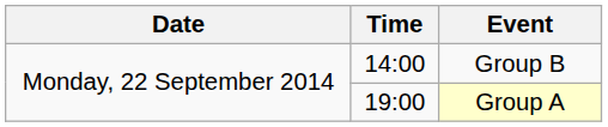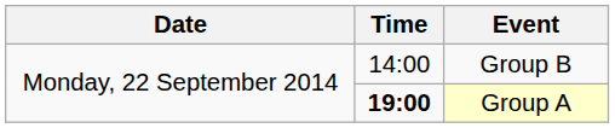 <table class = "wikitable" style="text-align:center;">
 <tr>
 <th width=220>Date</th>
 <th width=50>Time</th>
 <th width=100>Event</th>
 </tr>
 <tr>
 <td rowspan=2>Monday, 22 September 2014</td>
 <td>14:00</td>
 <td>Group B</td>
 </tr>
 <tr>
-<td>19:00</td>
+<td><strong>19:00</strong></td>
 <td bgcolor=ffffcc>Group A</td>
 </tr>
 </table>
